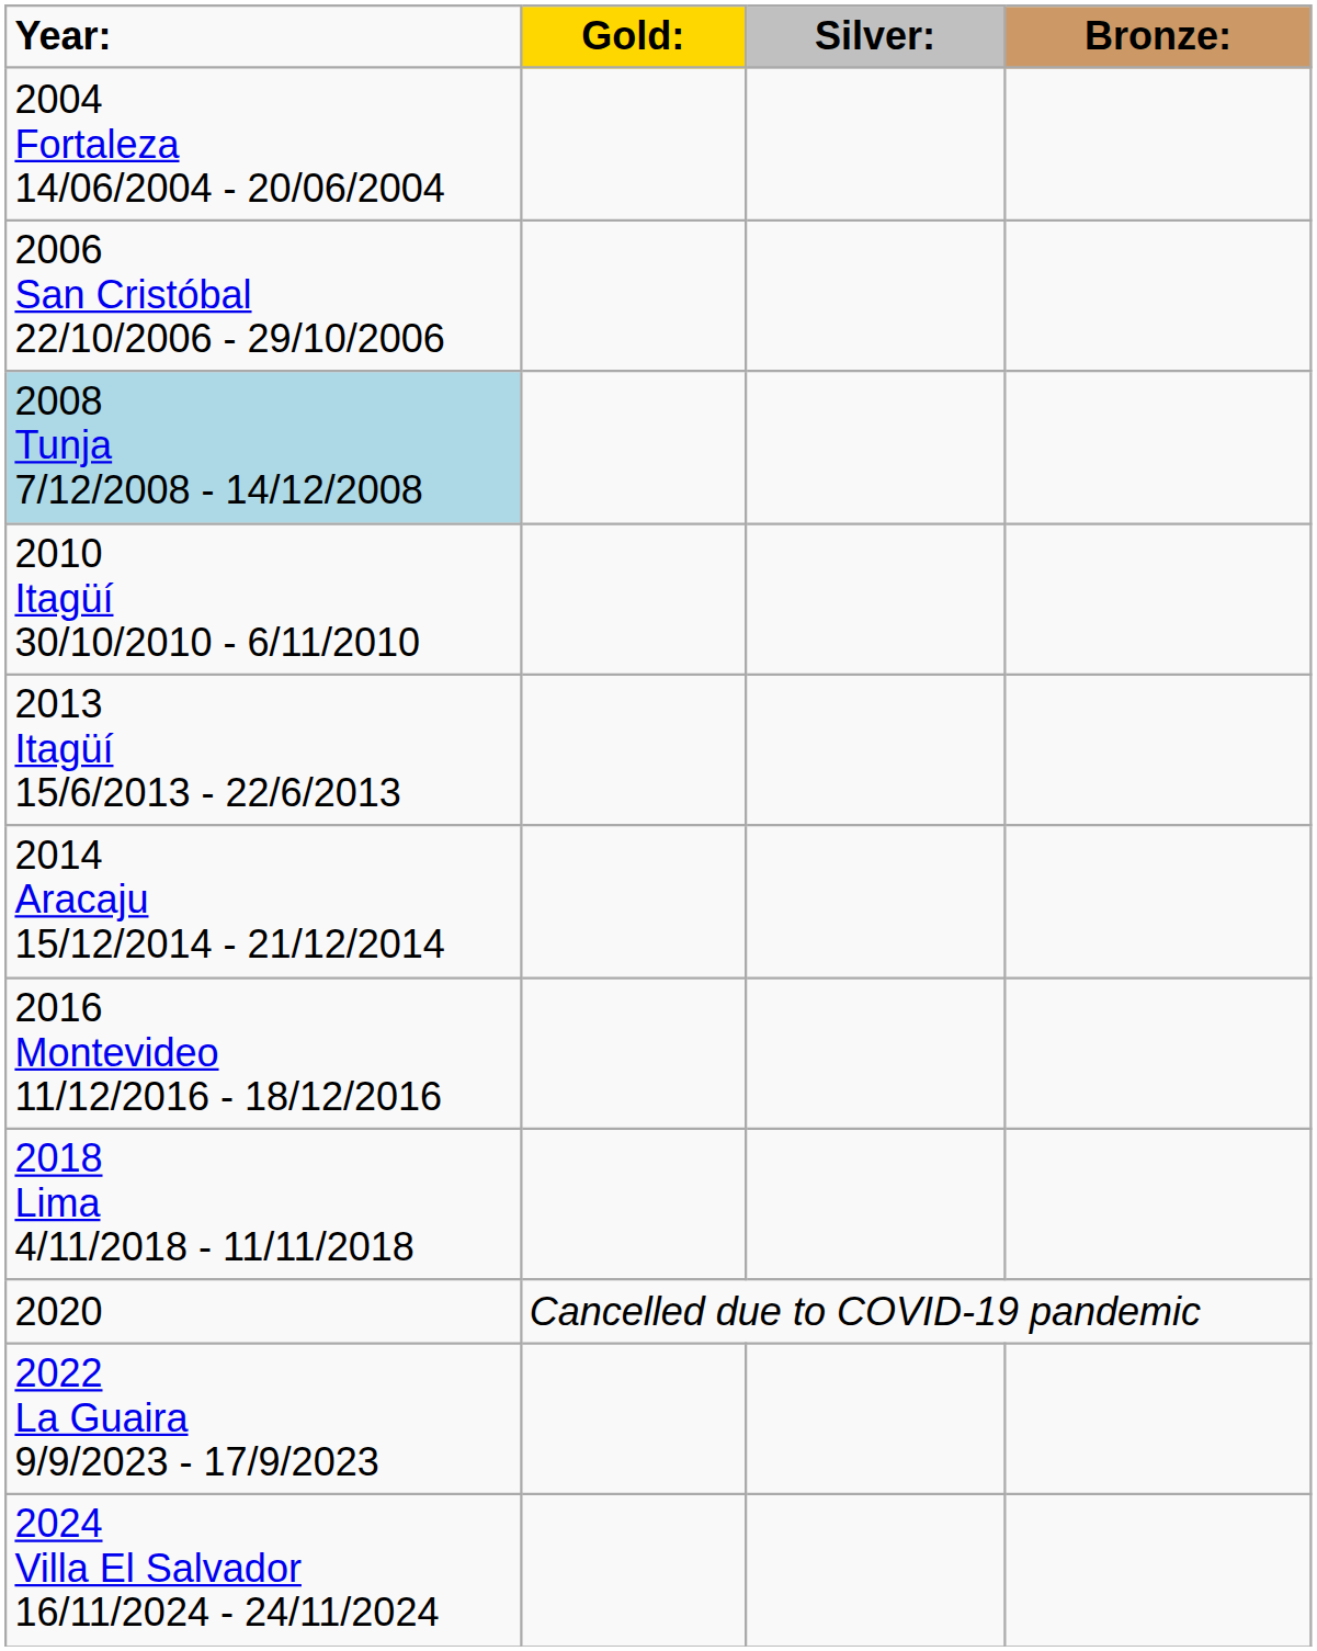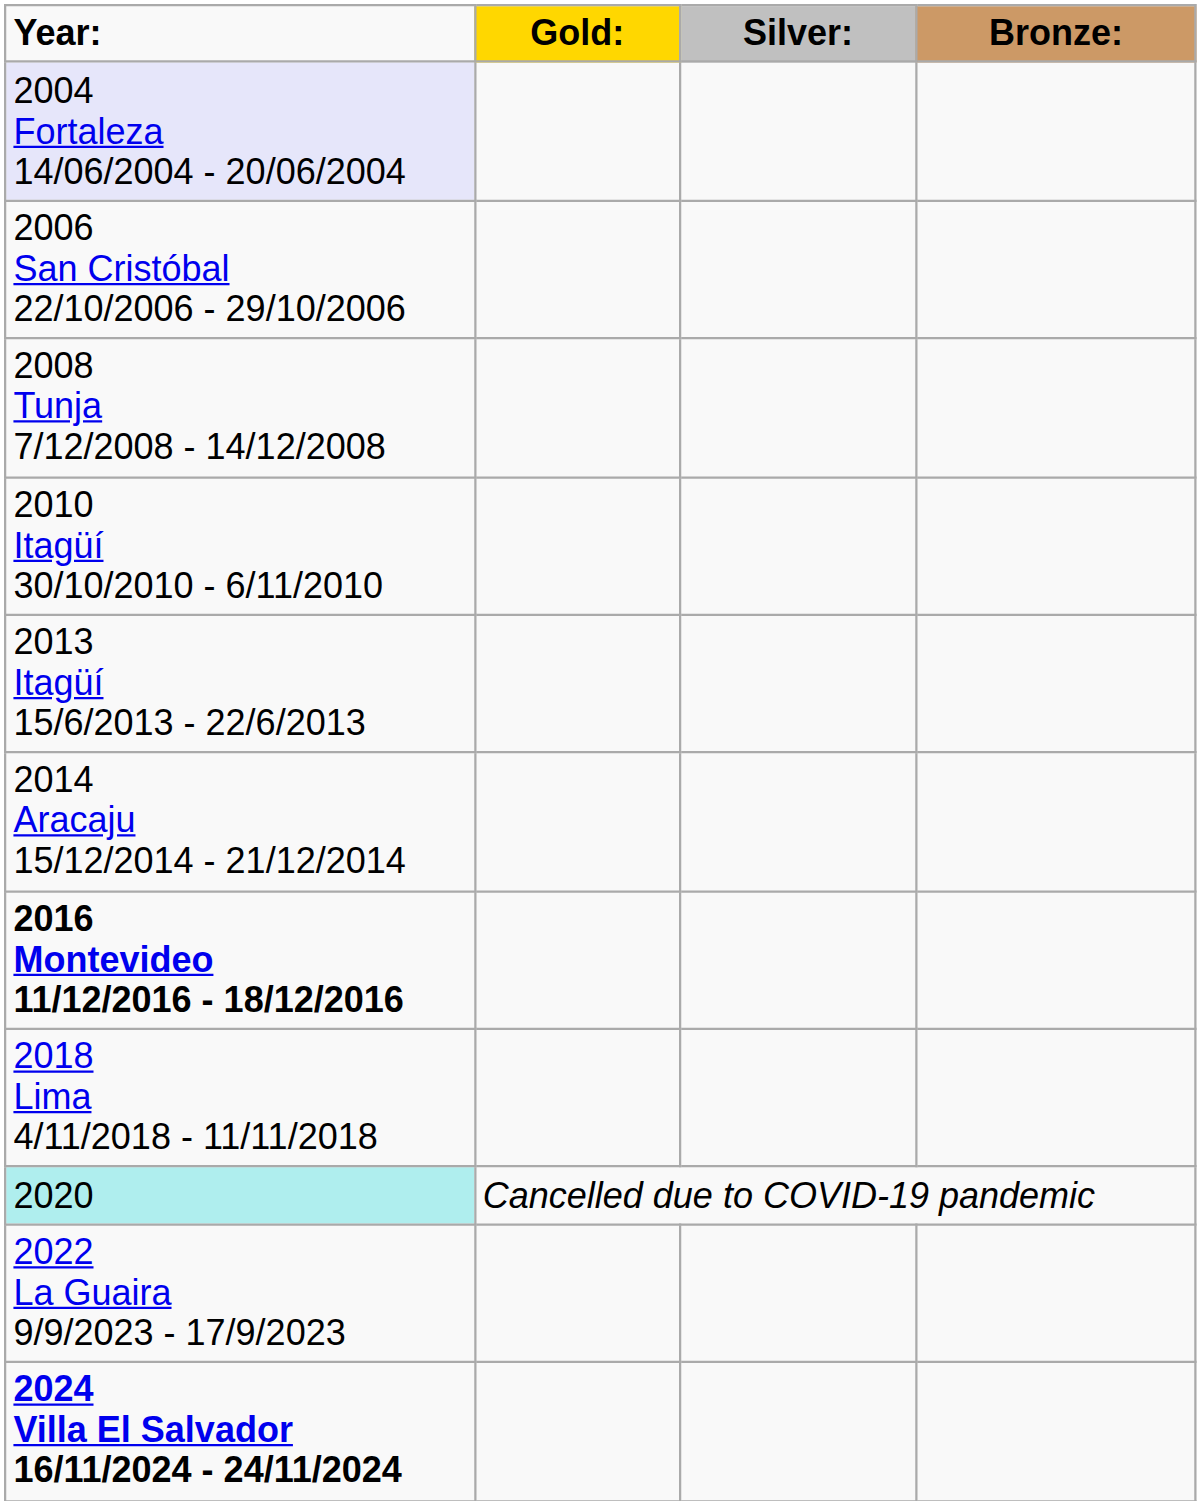 <table class="wikitable" style="width:85%;">
 <tr>
 <td><strong>Year:</strong></td>
 <td !  style="text-align:center; background:gold;"><strong>Gold:</strong></td>
 <td !  style="text-align:center; background:silver;"><strong>Silver:</strong></td>
 <td !  style="text-align:center; background:#c96;"><strong>Bronze:</strong></td>
 </tr>
 <tr>
-<td>2004<br> <a href='#'>Fortaleza</a><br>14/06/2004 - 20/06/2004</td>
+<td style="background: lavender;">2004<br> <a href='#'>Fortaleza</a><br>14/06/2004 - 20/06/2004</td>
 <td></td>
 <td></td>
 <td></td>
 </tr>
 <tr>
 <td>2006<br> <a href='#'>San Cristóbal</a><br>22/10/2006 - 29/10/2006</td>
 <td></td>
 <td></td>
 <td></td>
 </tr>
 <tr>
-<td style="background: lightblue;">2008<br> <a href='#'>Tunja</a><br>7/12/2008 - 14/12/2008</td>
+<td>2008<br> <a href='#'>Tunja</a><br>7/12/2008 - 14/12/2008</td>
 <td></td>
 <td></td>
 <td></td>
 </tr>
 <tr>
 <td>2010<br> <a href='#'>Itagüí</a><br>30/10/2010 - 6/11/2010</td>
 <td></td>
 <td></td>
 <td></td>
 </tr>
 <tr>
 <td>2013<br> <a href='#'>Itagüí</a><br>15/6/2013 - 22/6/2013</td>
 <td></td>
 <td></td>
 <td></td>
 </tr>
 <tr>
 <td>2014<br> <a href='#'>Aracaju</a><br>15/12/2014 - 21/12/2014</td>
 <td></td>
 <td></td>
 <td></td>
 </tr>
 <tr>
-<td>2016<br> <a href='#'>Montevideo</a><br>11/12/2016 - 18/12/2016</td>
+<td><strong>2016<br> <a href='#'>Montevideo</a><br>11/12/2016 - 18/12/2016</strong></td>
 <td></td>
 <td></td>
 <td></td>
 </tr>
 <tr>
 <td><a href='#'>2018</a><br> <a href='#'>Lima</a><br>4/11/2018 - 11/11/2018</td>
 <td></td>
 <td></td>
 <td></td>
 </tr>
 <tr>
-<td>2020<br></td>
+<td style="background: paleturquoise;">2020<br></td>
 <td colspan=3><em>Cancelled due to COVID-19 pandemic</em></td>
 </tr>
 <tr>
 <td><a href='#'>2022</a><br> <a href='#'>La Guaira</a><br>9/9/2023 - 17/9/2023</td>
 <td></td>
 <td></td>
 <td></td>
 </tr>
 <tr>
-<td><a href='#'>2024</a><br> <a href='#'>Villa El Salvador</a><br>16/11/2024 - 24/11/2024</td>
+<td><strong><a href='#'>2024</a><br> <a href='#'>Villa El Salvador</a><br>16/11/2024 - 24/11/2024</strong></td>
 <td></td>
 <td></td>
 <td></td>
 </tr>
 </table>
